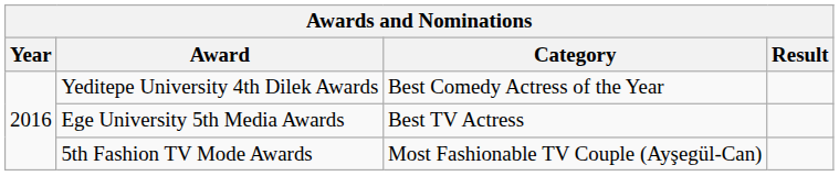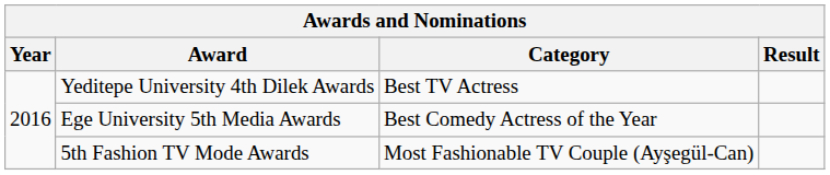 <table class="wikitable">
 <tr>
 <th colspan="4">Awards and Nominations</th>
 </tr>
 <tr>
 <th>Year</th>
 <th>Award</th>
 <th>Category</th>
 <th>Result</th>
 </tr>
 <tr>
 <td rowspan=3>2016</td>
 <td>Yeditepe University 4th Dilek Awards</td>
-<td>Best Comedy Actress of the Year</td>
+<td>Best TV Actress</td>
 <td></td>
 </tr>
 <tr>
 <td>Ege University 5th Media Awards</td>
-<td>Best TV Actress</td>
+<td>Best Comedy Actress of the Year</td>
 <td></td>
 </tr>
 <tr>
 <td>5th Fashion TV Mode Awards</td>
 <td>Most Fashionable TV Couple (Ayşegül-Can)</td>
 <td></td>
 </tr>
 </table>
